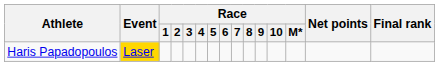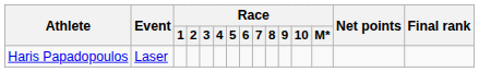 <table class="wikitable" style="font-size:90%">
 <tr>
 <th rowspan="2">Athlete</th>
 <th rowspan="2">Event</th>
 <th colspan=11>Race</th>
 <th rowspan=2>Net points</th>
 <th rowspan=2>Final rank</th>
 </tr>
 <tr style="font-size:95%">
 <th>1</th>
 <th>2</th>
 <th>3</th>
 <th>4</th>
 <th>5</th>
 <th>6</th>
 <th>7</th>
 <th>8</th>
 <th>9</th>
 <th>10</th>
 <th>M*</th>
 </tr>
 <tr align=center>
 <td align=left><a href='#'>Haris Papadopoulos</a></td>
-<td align=left style="background: gold;"><a href='#'>Laser</a></td>
+<td align=left><a href='#'>Laser</a></td>
 <td></td>
 <td></td>
 <td></td>
 <td></td>
 <td></td>
 <td></td>
 <td></td>
 <td></td>
 <td></td>
 <td></td>
 <td></td>
 <td></td>
 <td></td>
 </tr>
 </table>
